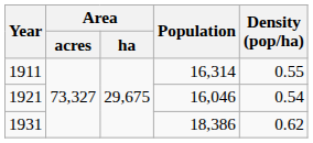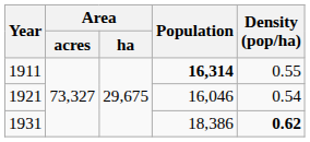 <table class="wikitable">
 <tr>
 <th rowspan="2">Year</th>
 <th colspan="2">Area</th>
 <th rowspan="2">Population<br></th>
 <th rowspan="2">Density<br>(pop/ha)</th>
 </tr>
 <tr>
 <th>acres</th>
 <th>ha</th>
 </tr>
 <tr>
 <td>1911</td>
 <td style="text-align:right;" rowspan="3">73,327</td>
 <td style="text-align:right;" rowspan="3">29,675</td>
-<td style="text-align:right;">16,314</td>
+<td style="text-align:right;"><strong>16,314</strong></td>
 <td style="text-align:right;">0.55</td>
 </tr>
 <tr>
 <td>1921</td>
 <td style="text-align:right;">16,046</td>
 <td style="text-align:right;">0.54</td>
 </tr>
 <tr>
 <td>1931</td>
 <td style="text-align:right;">18,386</td>
-<td style="text-align:right;">0.62</td>
+<td style="text-align:right;"><strong>0.62</strong></td>
 </tr>
 </table>
